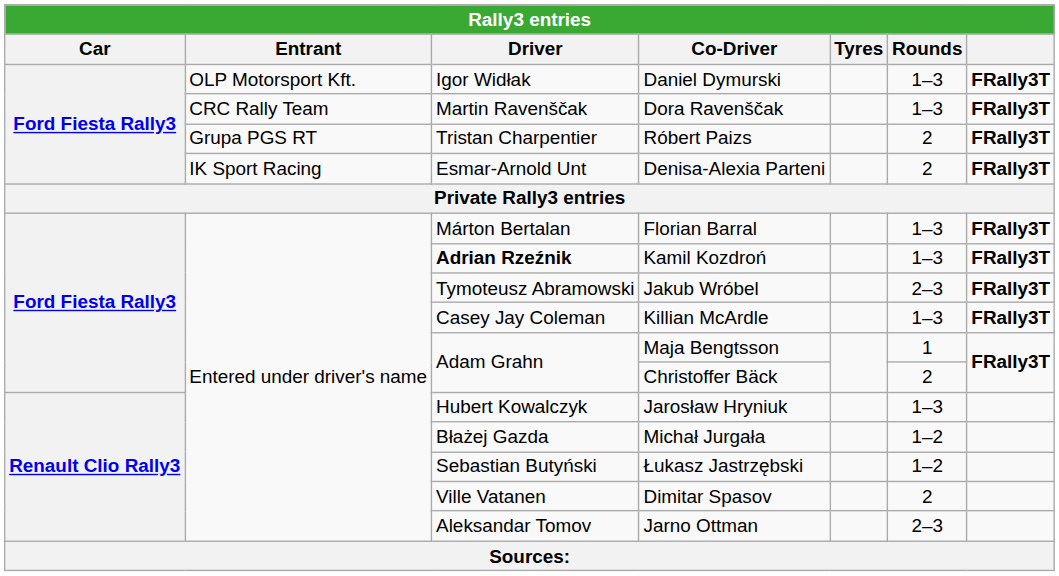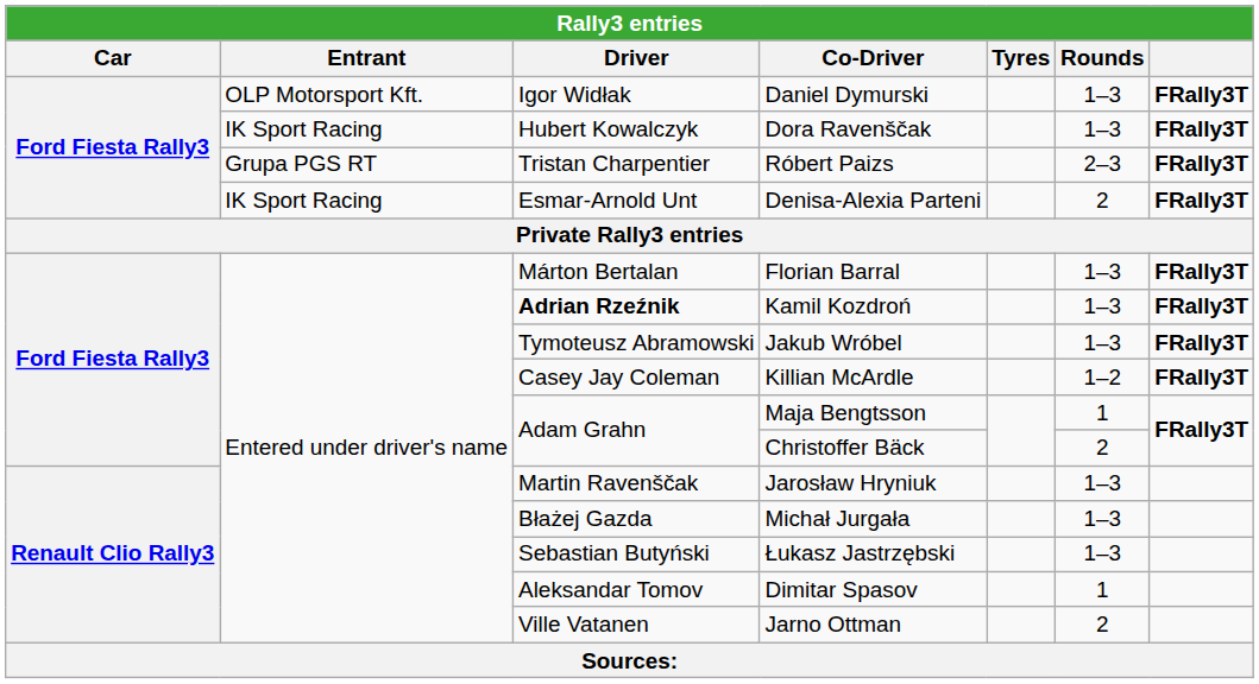 <table class="wikitable" style="font-size: 85%">
 <tr>
 <th colspan="7" style="color:white; background-color:#3aa933;">Rally3 entries</th>
 </tr>
 <tr>
 <th>Car</th>
 <th>Entrant</th>
 <th>Driver</th>
 <th>Co-Driver</th>
 <th>Tyres</th>
 <th>Rounds</th>
 <th></th>
 </tr>
 <tr>
 <th rowspan="4"><a href='#'>Ford Fiesta Rally3</a></th>
 <td> OLP Motorsport Kft.</td>
 <td> Igor Widłak</td>
 <td> Daniel Dymurski</td>
 <td align="center"></td>
 <td align="center">1–3</td>
 <td align="center"><span><strong>FRally3T</strong></span></td>
 </tr>
 <tr>
-<td> CRC Rally Team</td>
-<td> Martin Ravenščak</td>
+<td> IK Sport Racing</td>
+<td> Hubert Kowalczyk</td>
 <td> Dora Ravenščak</td>
 <td align="center"></td>
 <td align="center">1–3</td>
 <td align="center"><span><strong>FRally3T</strong></span></td>
 </tr>
 <tr>
 <td> Grupa PGS RT</td>
 <td> Tristan Charpentier</td>
 <td> Róbert Paizs</td>
 <td align="center"></td>
-<td align="center">2</td>
+<td align="center">2–3</td>
 <td align="center"><span><strong>FRally3T</strong></span></td>
 </tr>
 <tr>
 <td> IK Sport Racing</td>
 <td> Esmar-Arnold Unt</td>
 <td> Denisa-Alexia Parteni</td>
 <td align="center"></td>
 <td align="center">2</td>
 <td align="center"><span><strong>FRally3T</strong></span></td>
 </tr>
 <tr>
 <th colspan="7" style="color:black;">Private Rally3 entries</th>
 </tr>
 <tr>
 <th rowspan="6"><a href='#'>Ford Fiesta Rally3</a></th>
 <td rowspan="11">Entered under driver's name</td>
 <td> Márton Bertalan</td>
 <td> Florian Barral</td>
 <td align="center"></td>
 <td align="center">1–3</td>
 <td align="center"><span><strong>FRally3T</strong></span></td>
 </tr>
 <tr>
 <td><strong> Adrian Rzeźnik</strong></td>
 <td> Kamil Kozdroń</td>
 <td align="center"></td>
 <td align="center">1–3</td>
 <td align="center"><span><strong>FRally3T</strong></span></td>
 </tr>
 <tr>
 <td> Tymoteusz Abramowski</td>
 <td> Jakub Wróbel</td>
 <td align="center"></td>
-<td align="center">2–3</td>
+<td align="center">1–3</td>
 <td align="center"><span><strong>FRally3T</strong></span></td>
 </tr>
 <tr>
 <td> Casey Jay Coleman</td>
 <td> Killian McArdle</td>
 <td align="center"></td>
-<td align="center">1–3</td>
+<td align="center">1–2</td>
 <td align="center"><span><strong>FRally3T</strong></span></td>
 </tr>
 <tr>
 <td rowspan="2"> Adam Grahn</td>
 <td> Maja Bengtsson</td>
 <td rowspan="2" align="center"></td>
 <td align="center">1</td>
 <td rowspan="2" align="center"><span><strong>FRally3T</strong></span></td>
 </tr>
 <tr>
 <td> Christoffer Bäck</td>
 <td align="center">2</td>
 </tr>
 <tr>
 <th rowspan="5"><a href='#'>Renault Clio Rally3</a></th>
-<td> Hubert Kowalczyk</td>
+<td> Martin Ravenščak</td>
 <td> Jarosław Hryniuk</td>
 <td align="center"></td>
 <td align="center">1–3</td>
 <td></td>
 </tr>
 <tr>
 <td> Błażej Gazda</td>
 <td> Michał Jurgała</td>
 <td align="center"></td>
-<td align="center">1–2</td>
+<td align="center">1–3</td>
 <td></td>
 </tr>
 <tr>
 <td> Sebastian Butyński</td>
 <td> Łukasz Jastrzębski</td>
 <td align="center"></td>
-<td align="center">1–2</td>
+<td align="center">1–3</td>
+<td></td>
+</tr>
+<tr>
+<td> Aleksandar Tomov</td>
+<td> Dimitar Spasov</td>
+<td align="center"></td>
+<td align="center">1</td>
 <td></td>
 </tr>
 <tr>
 <td> Ville Vatanen</td>
-<td> Dimitar Spasov</td>
+<td> Jarno Ottman</td>
 <td align="center"></td>
 <td align="center">2</td>
-<td></td>
-</tr>
-<tr>
-<td> Aleksandar Tomov</td>
-<td> Jarno Ottman</td>
-<td align="center"></td>
-<td align="center">2–3</td>
 <td></td>
 </tr>
 <tr>
 <th colspan="7" style="color:black;">Sources:</th>
 </tr>
 </table>
